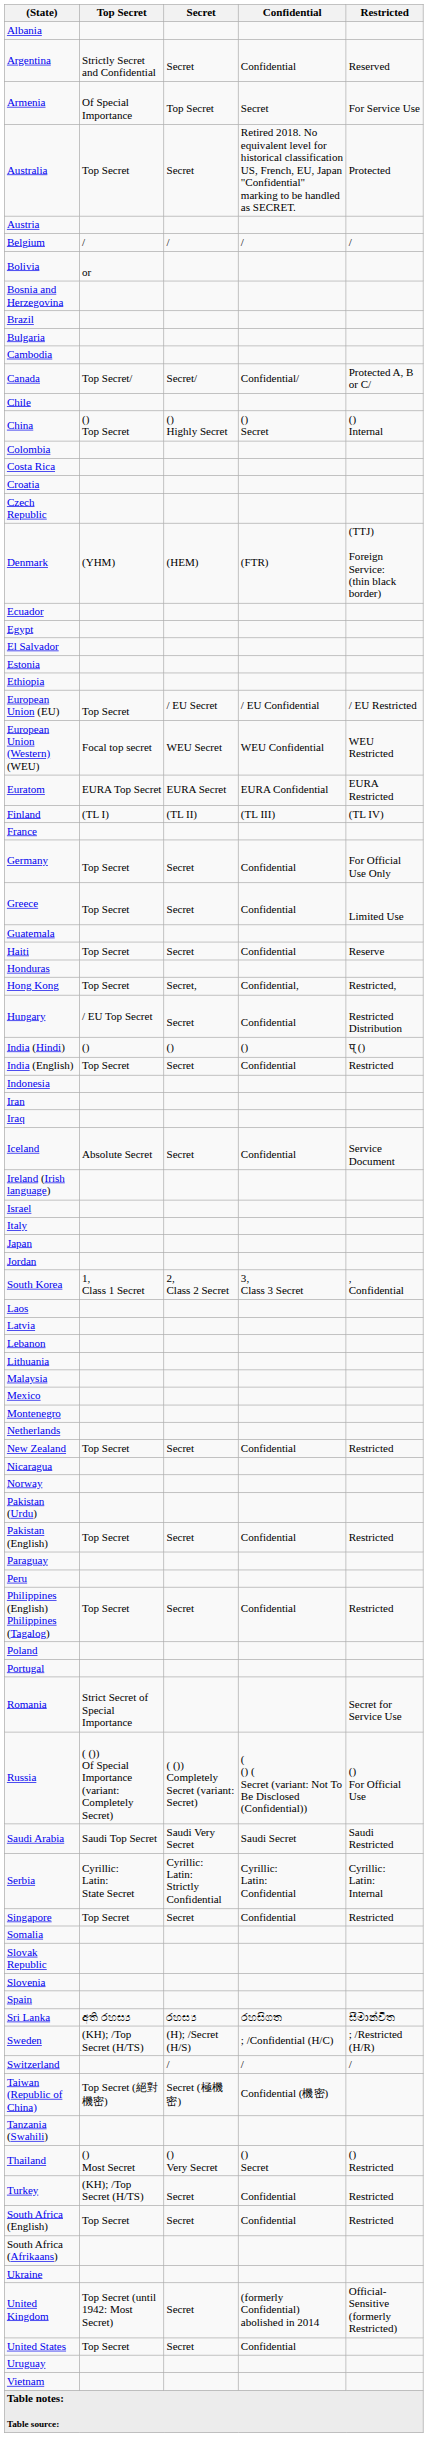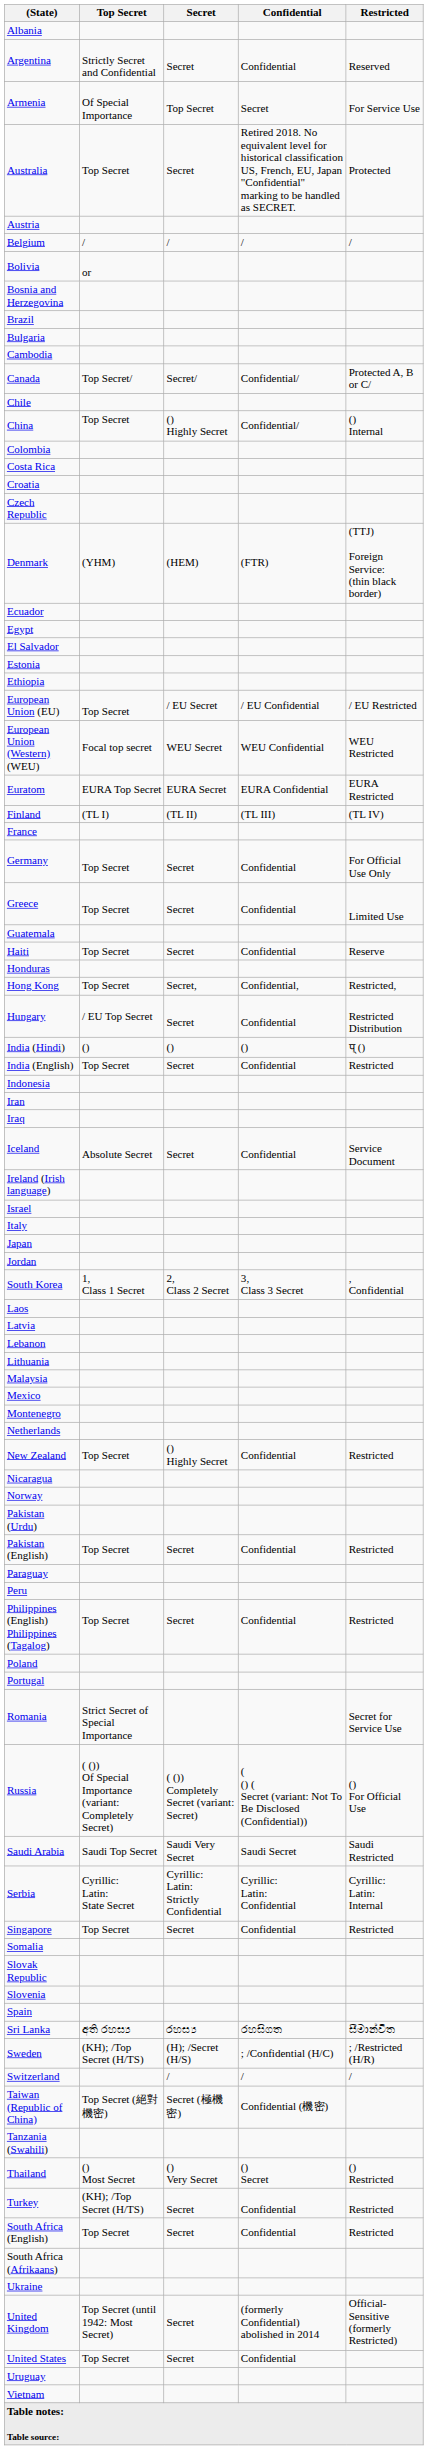 <table class="wikitable">
 <tr>
 <th>(State)</th>
 <th>Top Secret</th>
 <th>Secret</th>
 <th>Confidential</th>
 <th>Restricted</th>
 </tr>
 <tr>
 <td><a href='#'>Albania</a></td>
 <td></td>
 <td></td>
 <td></td>
 <td></td>
 </tr>
 <tr>
 <td><a href='#'>Argentina</a></td>
 <td><br>Strictly Secret and Confidential</td>
 <td><br>Secret</td>
 <td><br>Confidential</td>
 <td><br>Reserved</td>
 </tr>
 <tr>
 <td><a href='#'>Armenia</a></td>
 <td><br>Of Special Importance</td>
 <td><br>Top Secret</td>
 <td><br>Secret</td>
 <td><br>For Service Use</td>
 </tr>
 <tr>
 <td><a href='#'>Australia</a></td>
 <td>Top Secret</td>
 <td>Secret</td>
 <td>Retired 2018. No equivalent level for historical classification<br>US, French, EU, Japan "Confidential" marking to be handled as SECRET.</td>
 <td>Protected</td>
 </tr>
 <tr>
 <td><a href='#'>Austria</a></td>
 <td></td>
 <td></td>
 <td></td>
 <td></td>
 </tr>
 <tr>
 <td><a href='#'>Belgium</a></td>
 <td> / </td>
 <td> / </td>
 <td> / </td>
 <td> / </td>
 </tr>
 <tr>
 <td><a href='#'>Bolivia</a></td>
 <td><br>or </td>
 <td></td>
 <td></td>
 <td></td>
 </tr>
 <tr>
 <td><a href='#'>Bosnia and Herzegovina</a></td>
 <td></td>
 <td></td>
 <td></td>
 <td></td>
 </tr>
 <tr>
 <td><a href='#'>Brazil</a></td>
 <td></td>
 <td></td>
 <td></td>
 <td></td>
 </tr>
 <tr>
 <td><a href='#'>Bulgaria</a></td>
 <td><br></td>
 <td><br></td>
 <td><br></td>
 <td><br></td>
 </tr>
 <tr>
 <td><a href='#'>Cambodia</a></td>
 <td></td>
 <td></td>
 <td></td>
 <td></td>
 </tr>
 <tr>
 <td><a href='#'>Canada</a></td>
 <td>Top Secret/</td>
 <td>Secret/</td>
 <td>Confidential/</td>
 <td>Protected A, B or C/</td>
 </tr>
 <tr>
 <td><a href='#'>Chile</a></td>
 <td></td>
 <td></td>
 <td></td>
 <td></td>
 </tr>
 <tr>
 <td><a href='#'>China</a></td>
-<td> ()<br>Top Secret</td>
+<td>Top Secret<br><br></td>
 <td> ()<br>Highly Secret</td>
-<td> ()<br>Secret</td>
+<td>Confidential/</td>
 <td> ()<br>Internal</td>
 </tr>
 <tr>
 <td><a href='#'>Colombia</a></td>
 <td></td>
 <td></td>
 <td></td>
 <td></td>
 </tr>
 <tr>
 <td><a href='#'>Costa Rica</a></td>
 <td></td>
 <td></td>
 <td></td>
 <td> </td>
 </tr>
 <tr>
 <td><a href='#'>Croatia</a></td>
 <td></td>
 <td></td>
 <td></td>
 <td></td>
 </tr>
 <tr>
 <td><a href='#'>Czech Republic</a></td>
 <td></td>
 <td></td>
 <td></td>
 <td></td>
 </tr>
 <tr>
 <td><a href='#'>Denmark</a></td>
 <td> (YHM)</td>
 <td> (HEM)</td>
 <td> (FTR)</td>
 <td> (TTJ)<br><br>Foreign Service: <br> (thin black border)</td>
 </tr>
 <tr>
 <td><a href='#'>Ecuador</a></td>
 <td></td>
 <td></td>
 <td></td>
 <td></td>
 </tr>
 <tr>
 <td><a href='#'>Egypt</a></td>
 <td><br></td>
 <td><br></td>
 <td><br></td>
 <td><br></td>
 </tr>
 <tr>
 <td><a href='#'>El Salvador</a></td>
 <td></td>
 <td></td>
 <td></td>
 <td></td>
 </tr>
 <tr>
 <td><a href='#'>Estonia</a></td>
 <td></td>
 <td></td>
 <td></td>
 <td></td>
 </tr>
 <tr>
 <td><a href='#'>Ethiopia</a></td>
 <td></td>
 <td></td>
 <td></td>
 <td></td>
 </tr>
 <tr>
 <td><a href='#'>European Union</a> (EU)</td>
 <td><br>Top Secret</td>
 <td> / EU Secret</td>
 <td> / EU Confidential</td>
 <td> / EU Restricted</td>
 </tr>
 <tr>
 <td><a href='#'>European Union (Western)</a> (WEU)</td>
 <td>Focal top secret</td>
 <td>WEU Secret</td>
 <td>WEU Confidential</td>
 <td>WEU Restricted</td>
 </tr>
 <tr>
 <td><a href='#'>Euratom</a></td>
 <td>EURA Top Secret</td>
 <td>EURA Secret</td>
 <td>EURA Confidential</td>
 <td>EURA Restricted</td>
 </tr>
 <tr>
 <td><a href='#'>Finland</a></td>
 <td> (TL I)</td>
 <td> (TL II)</td>
 <td> (TL III)</td>
 <td> (TL IV)</td>
 </tr>
 <tr>
 <td><a href='#'>France</a></td>
 <td></td>
 <td></td>
 <td></td>
 <td></td>
 </tr>
 <tr>
 <td><a href='#'>Germany</a></td>
 <td><br>Top Secret</td>
 <td><br>Secret</td>
 <td><br>Confidential</td>
 <td><br>For Official Use Only</td>
 </tr>
 <tr>
 <td><a href='#'>Greece</a></td>
 <td><br>Top Secret</td>
 <td><br>Secret</td>
 <td><br>Confidential</td>
 <td><br><br>Limited Use</td>
 </tr>
 <tr>
 <td><a href='#'>Guatemala</a></td>
 <td></td>
 <td></td>
 <td></td>
 <td></td>
 </tr>
 <tr>
 <td><a href='#'>Haiti</a></td>
 <td>Top Secret</td>
 <td>Secret</td>
 <td>Confidential</td>
 <td>Reserve</td>
 </tr>
 <tr>
 <td><a href='#'>Honduras</a></td>
 <td></td>
 <td></td>
 <td></td>
 <td></td>
 </tr>
 <tr>
 <td><a href='#'>Hong Kong</a></td>
 <td>Top Secret</td>
 <td>Secret, </td>
 <td>Confidential, </td>
 <td>Restricted, </td>
 </tr>
 <tr>
 <td><a href='#'>Hungary</a></td>
 <td> / EU Top Secret</td>
 <td><br>Secret</td>
 <td><br>Confidential</td>
 <td><br>Restricted Distribution</td>
 </tr>
 <tr>
 <td><a href='#'>India</a> (<a href='#'>Hindi</a>)</td>
 <td> ()</td>
 <td> ()</td>
 <td> ()</td>
 <td>प् ()</td>
 </tr>
 <tr>
 <td><a href='#'>India</a> (English)</td>
 <td>Top Secret</td>
 <td>Secret</td>
 <td>Confidential</td>
 <td>Restricted</td>
 </tr>
 <tr>
 <td><a href='#'>Indonesia</a></td>
 <td></td>
 <td></td>
 <td></td>
 <td></td>
 </tr>
 <tr>
 <td><a href='#'>Iran</a></td>
 <td> </td>
 <td> </td>
 <td> </td>
 <td> </td>
 </tr>
 <tr>
 <td><a href='#'>Iraq</a></td>
 <td><br></td>
 <td><br></td>
 <td><br></td>
 <td><br></td>
 </tr>
 <tr>
 <td><a href='#'>Iceland</a></td>
 <td><br>Absolute Secret</td>
 <td><br>Secret</td>
 <td><br>Confidential</td>
 <td><br>Service Document</td>
 </tr>
 <tr>
 <td><a href='#'>Ireland</a> (<a href='#'>Irish language</a>)</td>
 <td></td>
 <td></td>
 <td></td>
 <td></td>
 </tr>
 <tr>
 <td><a href='#'>Israel</a></td>
 <td><br></td>
 <td><br></td>
 <td><br></td>
 <td><br></td>
 </tr>
 <tr>
 <td><a href='#'>Italy</a></td>
 <td></td>
 <td></td>
 <td></td>
 <td></td>
 </tr>
 <tr>
 <td><a href='#'>Japan</a></td>
 <td></td>
 <td></td>
 <td></td>
 <td></td>
 </tr>
 <tr>
 <td><a href='#'>Jordan</a></td>
 <td><br></td>
 <td><br></td>
 <td><br></td>
 <td><br></td>
 </tr>
 <tr>
 <td><a href='#'>South Korea</a></td>
 <td>1, <br>Class 1 Secret</td>
 <td>2, <br>Class 2 Secret</td>
 <td>3, <br>Class 3 Secret</td>
 <td>, <br>Confidential</td>
 </tr>
 <tr>
 <td><a href='#'>Laos</a></td>
 <td></td>
 <td></td>
 <td></td>
 <td></td>
 </tr>
 <tr>
 <td><a href='#'>Latvia</a></td>
 <td></td>
 <td></td>
 <td></td>
 <td></td>
 </tr>
 <tr>
 <td><a href='#'>Lebanon</a></td>
 <td></td>
 <td></td>
 <td></td>
 <td> </td>
 </tr>
 <tr>
 <td><a href='#'>Lithuania</a></td>
 <td></td>
 <td></td>
 <td></td>
 <td></td>
 </tr>
 <tr>
 <td><a href='#'>Malaysia</a></td>
 <td></td>
 <td></td>
 <td></td>
 <td></td>
 </tr>
 <tr>
 <td><a href='#'>Mexico</a></td>
 <td></td>
 <td></td>
 <td></td>
 <td></td>
 </tr>
 <tr>
 <td><a href='#'>Montenegro</a></td>
 <td></td>
 <td></td>
 <td></td>
 <td></td>
 </tr>
 <tr>
 <td><a href='#'>Netherlands</a></td>
 <td></td>
 <td></td>
 <td></td>
 <td></td>
 </tr>
 <tr>
 <td><a href='#'>New Zealand</a></td>
 <td>Top Secret</td>
-<td>Secret</td>
+<td> ()<br>Highly Secret</td>
 <td>Confidential</td>
 <td>Restricted</td>
 </tr>
 <tr>
 <td><a href='#'>Nicaragua</a></td>
 <td></td>
 <td></td>
 <td></td>
 <td></td>
 </tr>
 <tr>
 <td><a href='#'>Norway</a></td>
 <td></td>
 <td></td>
 <td></td>
 <td></td>
 </tr>
 <tr>
 <td><a href='#'>Pakistan</a> (<a href='#'>Urdu</a>)</td>
 <td><br></td>
 <td><br></td>
 <td><br></td>
 <td><br></td>
 </tr>
 <tr>
 <td><a href='#'>Pakistan</a> (English)</td>
 <td>Top Secret</td>
 <td>Secret</td>
 <td>Confidential</td>
 <td>Restricted</td>
 </tr>
 <tr>
 <td><a href='#'>Paraguay</a></td>
 <td></td>
 <td></td>
 <td></td>
 <td></td>
 </tr>
 <tr>
 <td><a href='#'>Peru</a></td>
 <td></td>
 <td></td>
 <td></td>
 <td></td>
 </tr>
 <tr>
 <td><a href='#'>Philippines</a> (English)<br><a href='#'>Philippines</a> (<a href='#'>Tagalog</a>)</td>
 <td>Top Secret<br><br></td>
 <td>Secret<br><br></td>
 <td>Confidential<br><br></td>
 <td>Restricted<br><br></td>
 </tr>
 <tr>
 <td><a href='#'>Poland</a></td>
 <td></td>
 <td></td>
 <td></td>
 <td></td>
 </tr>
 <tr>
 <td><a href='#'>Portugal</a></td>
 <td></td>
 <td></td>
 <td></td>
 <td></td>
 </tr>
 <tr>
 <td><a href='#'>Romania</a></td>
 <td><br>Strict Secret of Special Importance</td>
 <td></td>
 <td></td>
 <td><br>Secret for Service Use</td>
 </tr>
 <tr>
 <td><a href='#'>Russia</a></td>
 <td><br>( ())<br>Of Special Importance (variant: Completely Secret)</td>
 <td><br>( ())<br>Completely Secret (variant: Secret)</td>
 <td><br>(<br>() (<br>Secret (variant: Not To Be Disclosed (Confidential))</td>
 <td><br>()<br>For Official Use</td>
 </tr>
 <tr>
 <td><a href='#'>Saudi Arabia</a></td>
 <td>Saudi Top Secret</td>
 <td>Saudi Very Secret</td>
 <td>Saudi Secret</td>
 <td>Saudi Restricted</td>
 </tr>
 <tr>
 <td><a href='#'>Serbia</a></td>
 <td>Cyrillic: <br>Latin: <br>State Secret</td>
 <td>Cyrillic: <br>Latin: <br>Strictly Confidential</td>
 <td>Cyrillic: <br>Latin: <br>Confidential</td>
 <td>Cyrillic: <br>Latin: <br>Internal</td>
 </tr>
 <tr>
 <td><a href='#'>Singapore</a></td>
 <td>Top Secret</td>
 <td>Secret</td>
 <td>Confidential</td>
 <td>Restricted</td>
 </tr>
 <tr>
 <td><a href='#'>Somalia</a></td>
 <td></td>
 <td></td>
 <td></td>
 <td></td>
 </tr>
 <tr>
 <td><a href='#'>Slovak Republic</a></td>
 <td></td>
 <td></td>
 <td></td>
 <td></td>
 </tr>
 <tr>
 <td><a href='#'>Slovenia</a></td>
 <td></td>
 <td></td>
 <td></td>
 <td></td>
 </tr>
 <tr>
 <td><a href='#'>Spain</a></td>
 <td></td>
 <td></td>
 <td></td>
 <td></td>
 </tr>
 <tr>
 <td><a href='#'>Sri Lanka</a></td>
 <td>අති රහස්‍ය</td>
 <td>රහස්‍ය</td>
 <td>රහසිගත</td>
 <td>සීමාන්විත</td>
 </tr>
 <tr>
 <td><a href='#'>Sweden</a></td>
 <td> (KH); /Top Secret (H/TS)</td>
 <td> (H); /Secret (H/S)</td>
 <td>; /Confidential (H/C)</td>
 <td>; /Restricted (H/R)</td>
 </tr>
 <tr>
 <td><a href='#'>Switzerland</a></td>
 <td></td>
 <td> / </td>
 <td> / </td>
 <td> / </td>
 </tr>
 <tr>
 <td><a href='#'>Taiwan (Republic of China)</a></td>
 <td>Top Secret (絕對機密)</td>
 <td>Secret (極機密)</td>
 <td>Confidential (機密)</td>
 <td></td>
 </tr>
 <tr>
 <td><a href='#'>Tanzania</a> (<a href='#'>Swahili</a>)</td>
 <td></td>
 <td></td>
 <td></td>
 <td></td>
 </tr>
 <tr>
 <td><a href='#'>Thailand</a></td>
 <td> ()<br>Most Secret</td>
 <td> ()<br>Very Secret</td>
 <td> ()<br>Secret</td>
 <td> ()<br>Restricted</td>
 </tr>
 <tr>
 <td><a href='#'>Turkey</a></td>
 <td> (KH); /Top Secret (H/TS)</td>
 <td><br>Secret</td>
 <td><br>Confidential</td>
 <td><br>Restricted</td>
 </tr>
 <tr>
 <td><a href='#'>South Africa</a> (English)</td>
 <td>Top Secret</td>
 <td>Secret</td>
 <td>Confidential</td>
 <td>Restricted</td>
 </tr>
 <tr>
 <td>South Africa (<a href='#'>Afrikaans</a>)</td>
 <td></td>
 <td></td>
 <td></td>
 <td></td>
 </tr>
 <tr>
 <td><a href='#'>Ukraine</a></td>
 <td></td>
 <td></td>
 <td></td>
 <td></td>
 </tr>
 <tr>
 <td><a href='#'>United Kingdom</a></td>
 <td>Top Secret (until 1942: Most Secret)</td>
 <td>Secret</td>
 <td>(formerly Confidential) abolished in 2014</td>
 <td>Official-Sensitive (formerly Restricted)</td>
 </tr>
 <tr>
 <td><a href='#'>United States</a></td>
 <td>Top Secret</td>
 <td>Secret</td>
 <td>Confidential</td>
 <td></td>
 </tr>
 <tr>
 <td><a href='#'>Uruguay</a></td>
 <td></td>
 <td></td>
 <td></td>
 <td></td>
 </tr>
 <tr>
 <td><a href='#'>Vietnam</a></td>
 <td></td>
 <td></td>
 <td></td>
 <td></td>
 </tr>
 <tr>
 <td style="background:#ececec;;"colspan="5"><strong>Table notes:</strong><br><br><small><strong>Table source:</strong> </small></td>
 </tr>
 </table>
